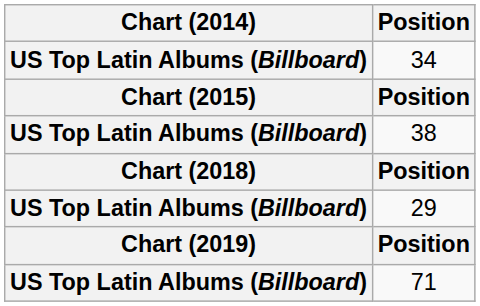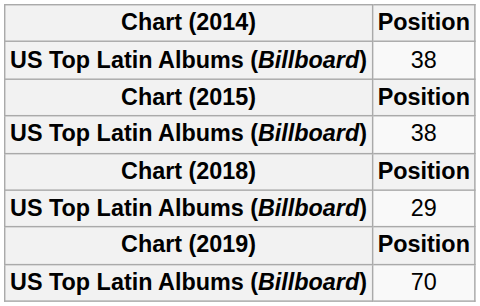 <table class="wikitable plainrowheaders">
 <tr>
 <th scope="col">Chart (2014)</th>
 <th scope="col">Position</th>
 </tr>
 <tr>
 <th scope="row">US Top Latin Albums (<em>Billboard</em>)</th>
-<td style="text-align:center;">34</td>
+<td style="text-align:center;">38</td>
 </tr>
 <tr>
 <th scope="col">Chart (2015)</th>
 <th scope="col">Position</th>
 </tr>
 <tr>
 <th scope="row">US Top Latin Albums (<em>Billboard</em>)</th>
 <td style="text-align:center;">38</td>
 </tr>
 <tr>
 <th scope="col">Chart (2018)</th>
 <th scope="col">Position</th>
 </tr>
 <tr>
 <th scope="row">US Top Latin Albums (<em>Billboard</em>)</th>
 <td style="text-align:center;">29</td>
 </tr>
 <tr>
 <th scope="col">Chart (2019)</th>
 <th scope="col">Position</th>
 </tr>
 <tr>
 <th scope="row">US Top Latin Albums (<em>Billboard</em>)</th>
-<td style="text-align:center;">71</td>
+<td style="text-align:center;">70</td>
 </tr>
 </table>
